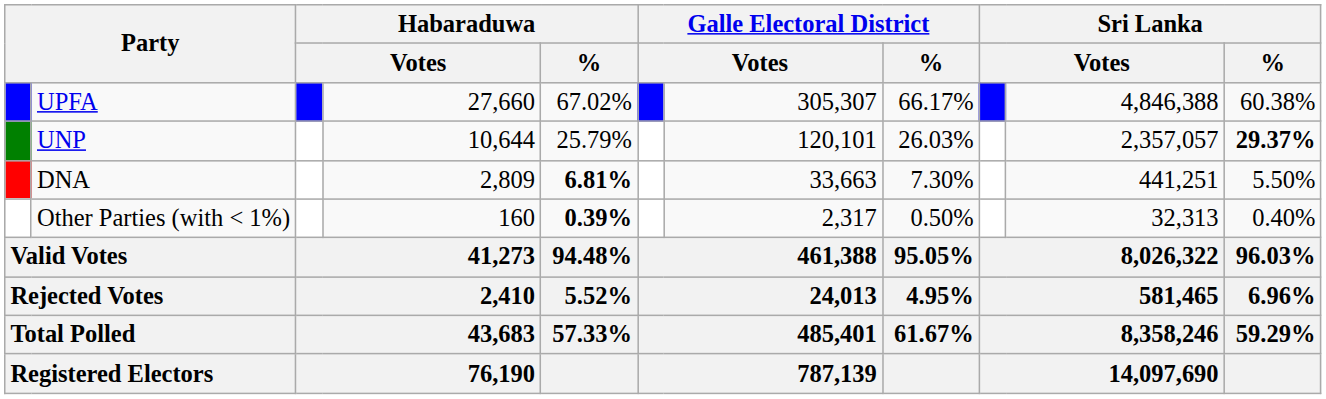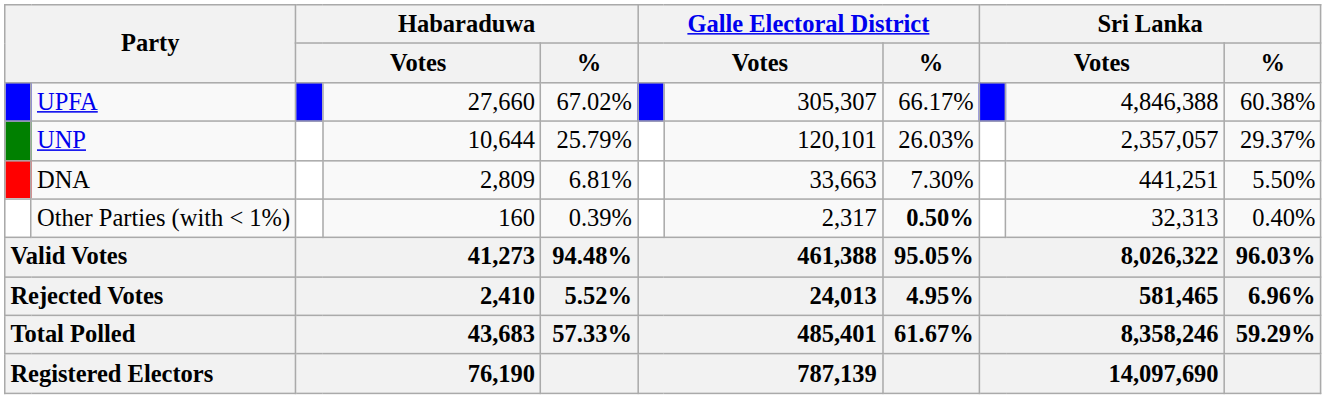 <table class="wikitable">
 <tr>
 <th colspan="2" width="144px"rowspan="2">Party</th>
 <th colspan="3" width="216px">Habaraduwa</th>
 <th colspan="3" width="216px"><a href='#'>Galle Electoral District</a></th>
 <th colspan="3" width="216px">Sri Lanka</th>
 </tr>
 <tr>
 <th colspan="2" width="144px">Votes</th>
 <th>%</th>
 <th colspan="2" width="144px">Votes</th>
 <th>%</th>
 <th colspan="2" width="144px">Votes</th>
 <th>%</th>
 </tr>
 <tr>
 <td style="background-color:blue;" width="10px"></td>
 <td style="text-align:left;"><a href='#'>UPFA</a></td>
 <td style="background-color:blue;" width="10px"></td>
 <td style="text-align:right;">27,660</td>
 <td style="text-align:right;">67.02%</td>
 <td style="background-color:blue;" width="10px"></td>
 <td style="text-align:right;">305,307</td>
 <td style="text-align:right;">66.17%</td>
 <td style="background-color:blue;" width="10px"></td>
 <td style="text-align:right;">4,846,388</td>
 <td style="text-align:right;">60.38%</td>
 </tr>
 <tr>
 <td style="background-color:green;" width="10px"></td>
 <td style="text-align:left;"><a href='#'>UNP</a></td>
 <td style="background-color:white;" width="10px"></td>
 <td style="text-align:right;">10,644</td>
 <td style="text-align:right;">25.79%</td>
 <td style="background-color:white;" width="10px"></td>
 <td style="text-align:right;">120,101</td>
 <td style="text-align:right;">26.03%</td>
 <td style="background-color:white;" width="10px"></td>
 <td style="text-align:right;">2,357,057</td>
-<td style="text-align:right;"><strong>29.37%</strong></td>
+<td style="text-align:right;">29.37%</td>
 </tr>
 <tr>
 <td style="background-color:red;" width="10px"></td>
 <td style="text-align:left;">DNA</td>
 <td style="background-color:white;" width="10px"></td>
 <td style="text-align:right;">2,809</td>
-<td style="text-align:right;"><strong>6.81%</strong></td>
+<td style="text-align:right;">6.81%</td>
 <td style="background-color:white;" width="10px"></td>
 <td style="text-align:right;">33,663</td>
 <td style="text-align:right;">7.30%</td>
 <td style="background-color:white;" width="10px"></td>
 <td style="text-align:right;">441,251</td>
 <td style="text-align:right;">5.50%</td>
 </tr>
 <tr>
 <td style="background-color:white;" width="10px"></td>
 <td style="text-align:left;">Other Parties (with < 1%)</td>
 <td style="background-color:white;" width="10px"></td>
 <td style="text-align:right;">160</td>
-<td style="text-align:right;"><strong>0.39%</strong></td>
+<td style="text-align:right;">0.39%</td>
 <td style="background-color:white;" width="10px"></td>
 <td style="text-align:right;">2,317</td>
-<td style="text-align:right;">0.50%</td>
+<td style="text-align:right;"><strong>0.50%</strong></td>
 <td style="background-color:white;" width="10px"></td>
 <td style="text-align:right;">32,313</td>
 <td style="text-align:right;">0.40%</td>
 </tr>
 <tr>
 <th colspan="2" width="144px"style="text-align:left;">Valid Votes</th>
 <th style="text-align:right;"colspan="2" width="144px">41,273</th>
 <th style="text-align:right;">94.48%</th>
 <th style="text-align:right;"colspan="2" width="144px">461,388</th>
 <th style="text-align:right;">95.05%</th>
 <th style="text-align:right;"colspan="2" width="144px">8,026,322</th>
 <th style="text-align:right;">96.03%</th>
 </tr>
 <tr>
 <th colspan="2" width="144px"style="text-align:left;">Rejected Votes</th>
 <th style="text-align:right;"colspan="2" width="144px">2,410</th>
 <th style="text-align:right;">5.52%</th>
 <th style="text-align:right;"colspan="2" width="144px">24,013</th>
 <th style="text-align:right;">4.95%</th>
 <th style="text-align:right;"colspan="2" width="144px">581,465</th>
 <th style="text-align:right;">6.96%</th>
 </tr>
 <tr>
 <th colspan="2" width="144px"style="text-align:left;">Total Polled</th>
 <th style="text-align:right;"colspan="2" width="144px">43,683</th>
 <th style="text-align:right;">57.33%</th>
 <th style="text-align:right;"colspan="2" width="144px">485,401</th>
 <th style="text-align:right;">61.67%</th>
 <th style="text-align:right;"colspan="2" width="144px">8,358,246</th>
 <th style="text-align:right;">59.29%</th>
 </tr>
 <tr>
 <th colspan="2" width="144px"style="text-align:left;">Registered Electors</th>
 <th style="text-align:right;"colspan="2" width="144px">76,190</th>
 <th></th>
 <th style="text-align:right;"colspan="2" width="144px">787,139</th>
 <th></th>
 <th style="text-align:right;"colspan="2" width="144px">14,097,690</th>
 <th></th>
 </tr>
 </table>
